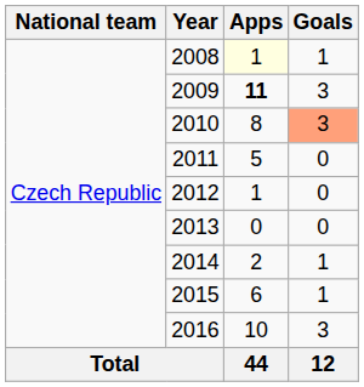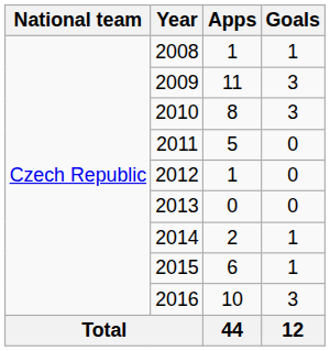 <table class="wikitable" style="text-align:center">
 <tr>
 <th>National team</th>
 <th>Year</th>
 <th>Apps</th>
 <th>Goals</th>
 </tr>
 <tr>
 <td rowspan="9"><a href='#'>Czech Republic</a></td>
 <td>2008</td>
-<td style="background: lightyellow;">1</td>
+<td>1</td>
 <td>1</td>
 </tr>
 <tr>
 <td>2009</td>
-<td><strong>11</strong></td>
+<td>11</td>
 <td>3</td>
 </tr>
 <tr>
 <td>2010</td>
 <td>8</td>
-<td style="background: lightsalmon;">3</td>
+<td>3</td>
 </tr>
 <tr>
 <td>2011</td>
 <td>5</td>
 <td>0</td>
 </tr>
 <tr>
 <td>2012</td>
 <td>1</td>
 <td>0</td>
 </tr>
 <tr>
 <td>2013</td>
 <td>0</td>
 <td>0</td>
 </tr>
 <tr>
 <td>2014</td>
 <td>2</td>
 <td>1</td>
 </tr>
 <tr>
 <td>2015</td>
 <td>6</td>
 <td>1</td>
 </tr>
 <tr>
 <td>2016</td>
 <td>10</td>
 <td>3</td>
 </tr>
 <tr>
 <th colspan="2">Total</th>
 <th>44</th>
 <th>12</th>
 </tr>
 </table>
